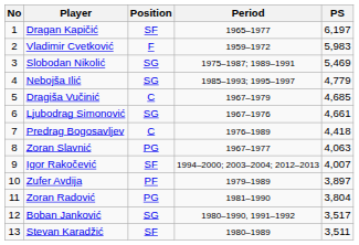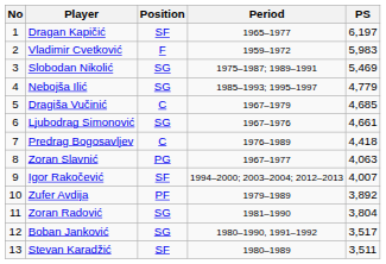 <table class="wikitable sortable" style="text-align:center">
 <tr>
 <th>No</th>
 <th>Player</th>
 <th>Position</th>
 <th>Period</th>
 <th>PS</th>
 </tr>
 <tr>
 <td>1</td>
 <td style="text-align:left;"> <a href='#'>Dragan Kapičić</a></td>
 <td><a href='#'>SF</a></td>
 <td><small>1965–1977</small></td>
 <td>6,197</td>
 </tr>
 <tr>
 <td>2</td>
 <td style="text-align:left;"> <a href='#'>Vladimir Cvetković</a></td>
 <td><a href='#'>F</a></td>
 <td><small>1959–1972</small></td>
 <td>5,983</td>
 </tr>
 <tr>
 <td>3</td>
 <td style="text-align:left;"> <a href='#'>Slobodan Nikolić</a></td>
 <td><a href='#'>SG</a></td>
 <td><small>1975–1987; 1989–1991</small></td>
 <td>5,469</td>
 </tr>
 <tr>
 <td>4</td>
 <td style="text-align:left;"> <a href='#'>Nebojša Ilić</a></td>
 <td><a href='#'>SG</a></td>
 <td><small>1985–1993; 1995–1997</small></td>
 <td>4,779</td>
 </tr>
 <tr>
 <td>5</td>
 <td style="text-align:left;"> <a href='#'>Dragiša Vučinić</a></td>
 <td><a href='#'>C</a></td>
 <td><small>1967–1979</small></td>
 <td>4,685</td>
 </tr>
 <tr>
 <td>6</td>
 <td style="text-align:left;"> <a href='#'>Ljubodrag Simonović</a></td>
 <td><a href='#'>SG</a></td>
 <td><small>1967–1976</small></td>
 <td>4,661</td>
 </tr>
 <tr>
 <td>7</td>
 <td style="text-align:left;"> <a href='#'>Predrag Bogosavljev</a></td>
 <td><a href='#'>C</a></td>
 <td><small>1976–1989</small></td>
 <td>4,418</td>
 </tr>
 <tr>
 <td>8</td>
 <td style="text-align:left;"> <a href='#'>Zoran Slavnić</a></td>
 <td><a href='#'>PG</a></td>
 <td><small>1967–1977</small></td>
 <td>4,063</td>
 </tr>
 <tr>
 <td>9</td>
 <td style="text-align:left;"> <a href='#'>Igor Rakočević</a></td>
 <td><a href='#'>SF</a></td>
 <td><small>1994–2000; 2003–2004; 2012–2013</small></td>
 <td>4,007</td>
 </tr>
 <tr>
 <td>10</td>
 <td style="text-align:left;"> <a href='#'>Zufer Avdija</a></td>
 <td><a href='#'>PF</a></td>
 <td><small>1979–1989</small></td>
-<td>3,897</td>
+<td>3,892</td>
 </tr>
 <tr>
 <td>11</td>
 <td style="text-align:left;"> <a href='#'>Zoran Radović</a></td>
-<td><a href='#'>PG</a></td>
+<td><a href='#'>SG</a></td>
 <td><small>1981–1990</small></td>
 <td>3,804</td>
 </tr>
 <tr>
 <td>12</td>
 <td style="text-align:left;"> <a href='#'>Boban Janković</a></td>
 <td><a href='#'>SG</a></td>
 <td><small>1980–1990, 1991–1992</small></td>
 <td>3,517</td>
 </tr>
 <tr>
 <td>13</td>
 <td style="text-align:left;"> <a href='#'>Stevan Karadžić</a></td>
 <td><a href='#'>SF</a></td>
 <td><small>1980–1989</small></td>
 <td>3,511</td>
 </tr>
 </table>
